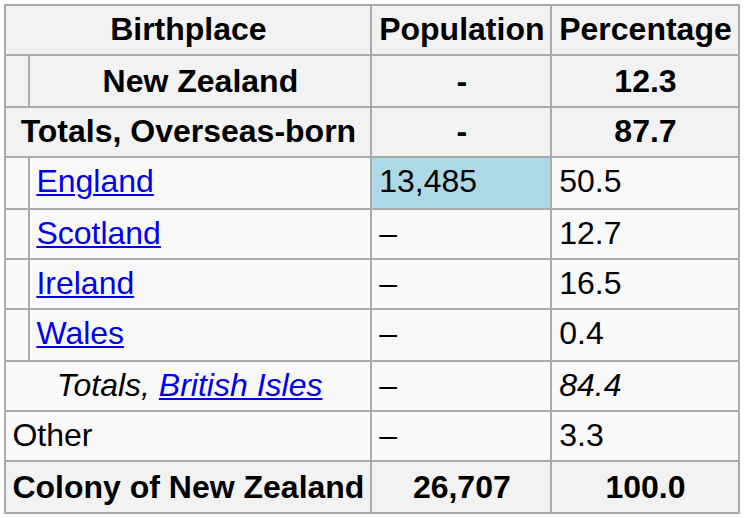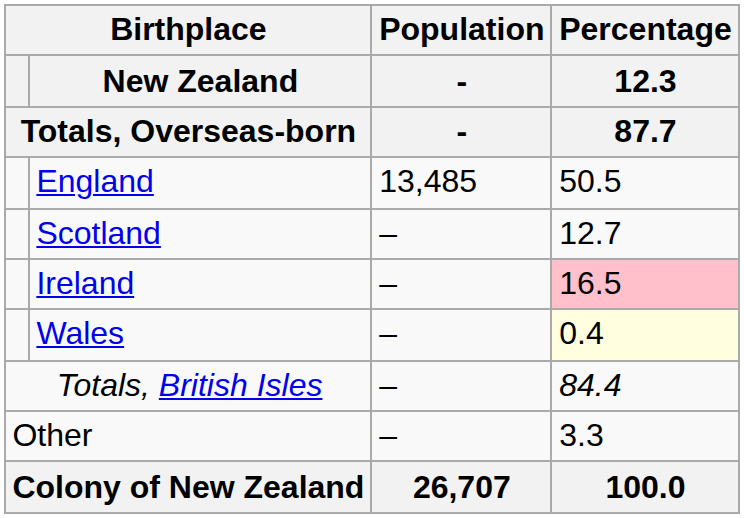 <table class="wikitable" style="text-align:left">
 <tr>
 <th colspan="2">Birthplace</th>
 <th>Population<br></th>
 <th>Percentage</th>
 </tr>
 <tr>
 <th></th>
 <th>New Zealand</th>
 <th>-</th>
 <th>12.3</th>
 </tr>
 <tr>
 <th colspan="2">Totals, Overseas-born</th>
 <th>-</th>
 <th>87.7</th>
 </tr>
 <tr>
 <td style="text-align:center;"></td>
 <td><a href='#'>England</a></td>
-<td style="background: lightblue;">13,485</td>
+<td>13,485</td>
 <td>50.5</td>
 </tr>
 <tr>
 <td style="text-align:center;"></td>
 <td><a href='#'>Scotland</a></td>
 <td>–</td>
 <td>12.7</td>
 </tr>
 <tr>
 <td style="text-align:center;"></td>
 <td><a href='#'>Ireland</a></td>
 <td>–</td>
-<td>16.5</td>
+<td style="background: pink;">16.5</td>
 </tr>
 <tr>
 <td style="text-align:center;"></td>
 <td><a href='#'>Wales</a></td>
 <td>–</td>
-<td>0.4</td>
+<td style="background: lightyellow;">0.4</td>
 </tr>
 <tr>
 <td colspan="2">     <em>Totals, <a href='#'>British Isles</a></em></td>
 <td>–</td>
 <td><em>84.4</em></td>
 </tr>
 <tr>
 <td colspan="2">Other</td>
 <td>–</td>
 <td>3.3</td>
 </tr>
 <tr>
 <th colspan="2">Colony of New Zealand</th>
 <th>26,707</th>
 <th>100.0</th>
 </tr>
 <tr>
 </tr>
 </table>
